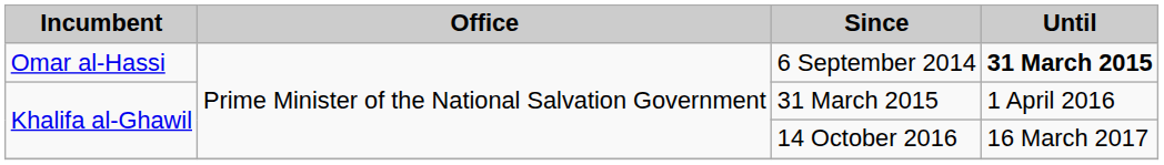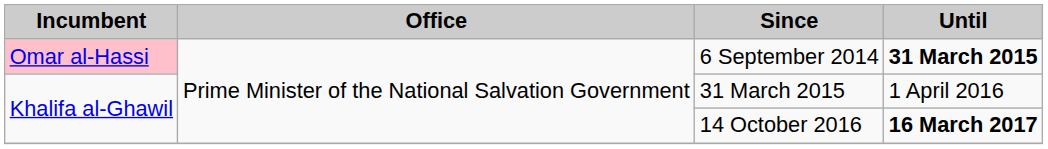 <table class="wikitable">
 <tr>
 <th style="background:#ccc;">Incumbent</th>
 <th style="background:#ccc;">Office</th>
 <th style="background:#ccc;">Since</th>
 <th style="background:#ccc;">Until</th>
 </tr>
 <tr>
-<td><a href='#'>Omar al-Hassi</a></td>
+<td style="background: pink;"><a href='#'>Omar al-Hassi</a></td>
 <td rowspan="3">Prime Minister of the National Salvation Government</td>
 <td>6 September 2014</td>
 <td><strong>31 March 2015</strong></td>
 </tr>
 <tr>
 <td rowspan="2"><a href='#'>Khalifa al-Ghawil</a></td>
 <td>31 March 2015</td>
 <td>1 April 2016</td>
 </tr>
 <tr>
 <td>14 October 2016</td>
-<td>16 March 2017</td>
+<td><strong>16 March 2017</strong></td>
 </tr>
 <tr>
 </tr>
 </table>
